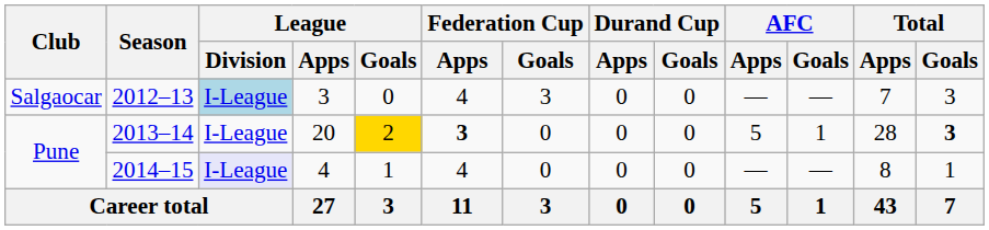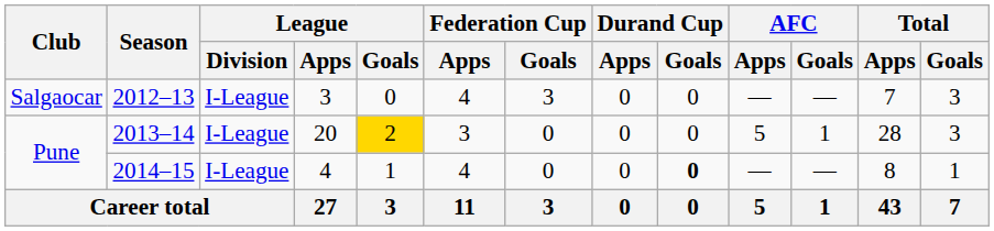 <table class="wikitable" style="text-align: center;">
 <tr>
 <th rowspan="2">Club</th>
 <th rowspan="2">Season</th>
 <th colspan="3">League</th>
 <th colspan="2">Federation Cup</th>
 <th colspan="2">Durand Cup</th>
 <th colspan="2"><a href='#'>AFC</a></th>
 <th colspan="2">Total</th>
 </tr>
 <tr>
 <th>Division</th>
 <th>Apps</th>
 <th>Goals</th>
 <th>Apps</th>
 <th>Goals</th>
 <th>Apps</th>
 <th>Goals</th>
 <th>Apps</th>
 <th>Goals</th>
 <th>Apps</th>
 <th>Goals</th>
 </tr>
 <tr>
 <td rowspan="1"><a href='#'>Salgaocar</a></td>
 <td><a href='#'>2012–13</a></td>
-<td style="background: lightblue;"><a href='#'>I-League</a></td>
+<td><a href='#'>I-League</a></td>
 <td>3</td>
 <td>0</td>
 <td>4</td>
 <td>3</td>
 <td>0</td>
 <td>0</td>
 <td>—</td>
 <td>—</td>
 <td>7</td>
 <td>3</td>
 </tr>
 <tr>
 <td rowspan="2"><a href='#'>Pune</a></td>
 <td><a href='#'>2013–14</a></td>
 <td><a href='#'>I-League</a></td>
 <td>20</td>
 <td style="background: gold;">2</td>
-<td><strong>3</strong></td>
+<td>3</td>
 <td>0</td>
 <td>0</td>
 <td>0</td>
 <td>5</td>
 <td>1</td>
 <td>28</td>
-<td><strong>3</strong></td>
+<td>3</td>
 </tr>
 <tr>
 <td><a href='#'>2014–15</a></td>
-<td style="background: lavender;"><a href='#'>I-League</a></td>
+<td><a href='#'>I-League</a></td>
 <td>4</td>
 <td>1</td>
 <td>4</td>
 <td>0</td>
 <td>0</td>
-<td>0</td>
+<td><strong>0</strong></td>
 <td>—</td>
 <td>—</td>
 <td>8</td>
 <td>1</td>
 </tr>
 <tr>
 <th colspan="3">Career total</th>
 <th>27</th>
 <th>3</th>
 <th>11</th>
 <th>3</th>
 <th>0</th>
 <th>0</th>
 <th>5</th>
 <th>1</th>
 <th>43</th>
 <th>7</th>
 </tr>
 </table>
